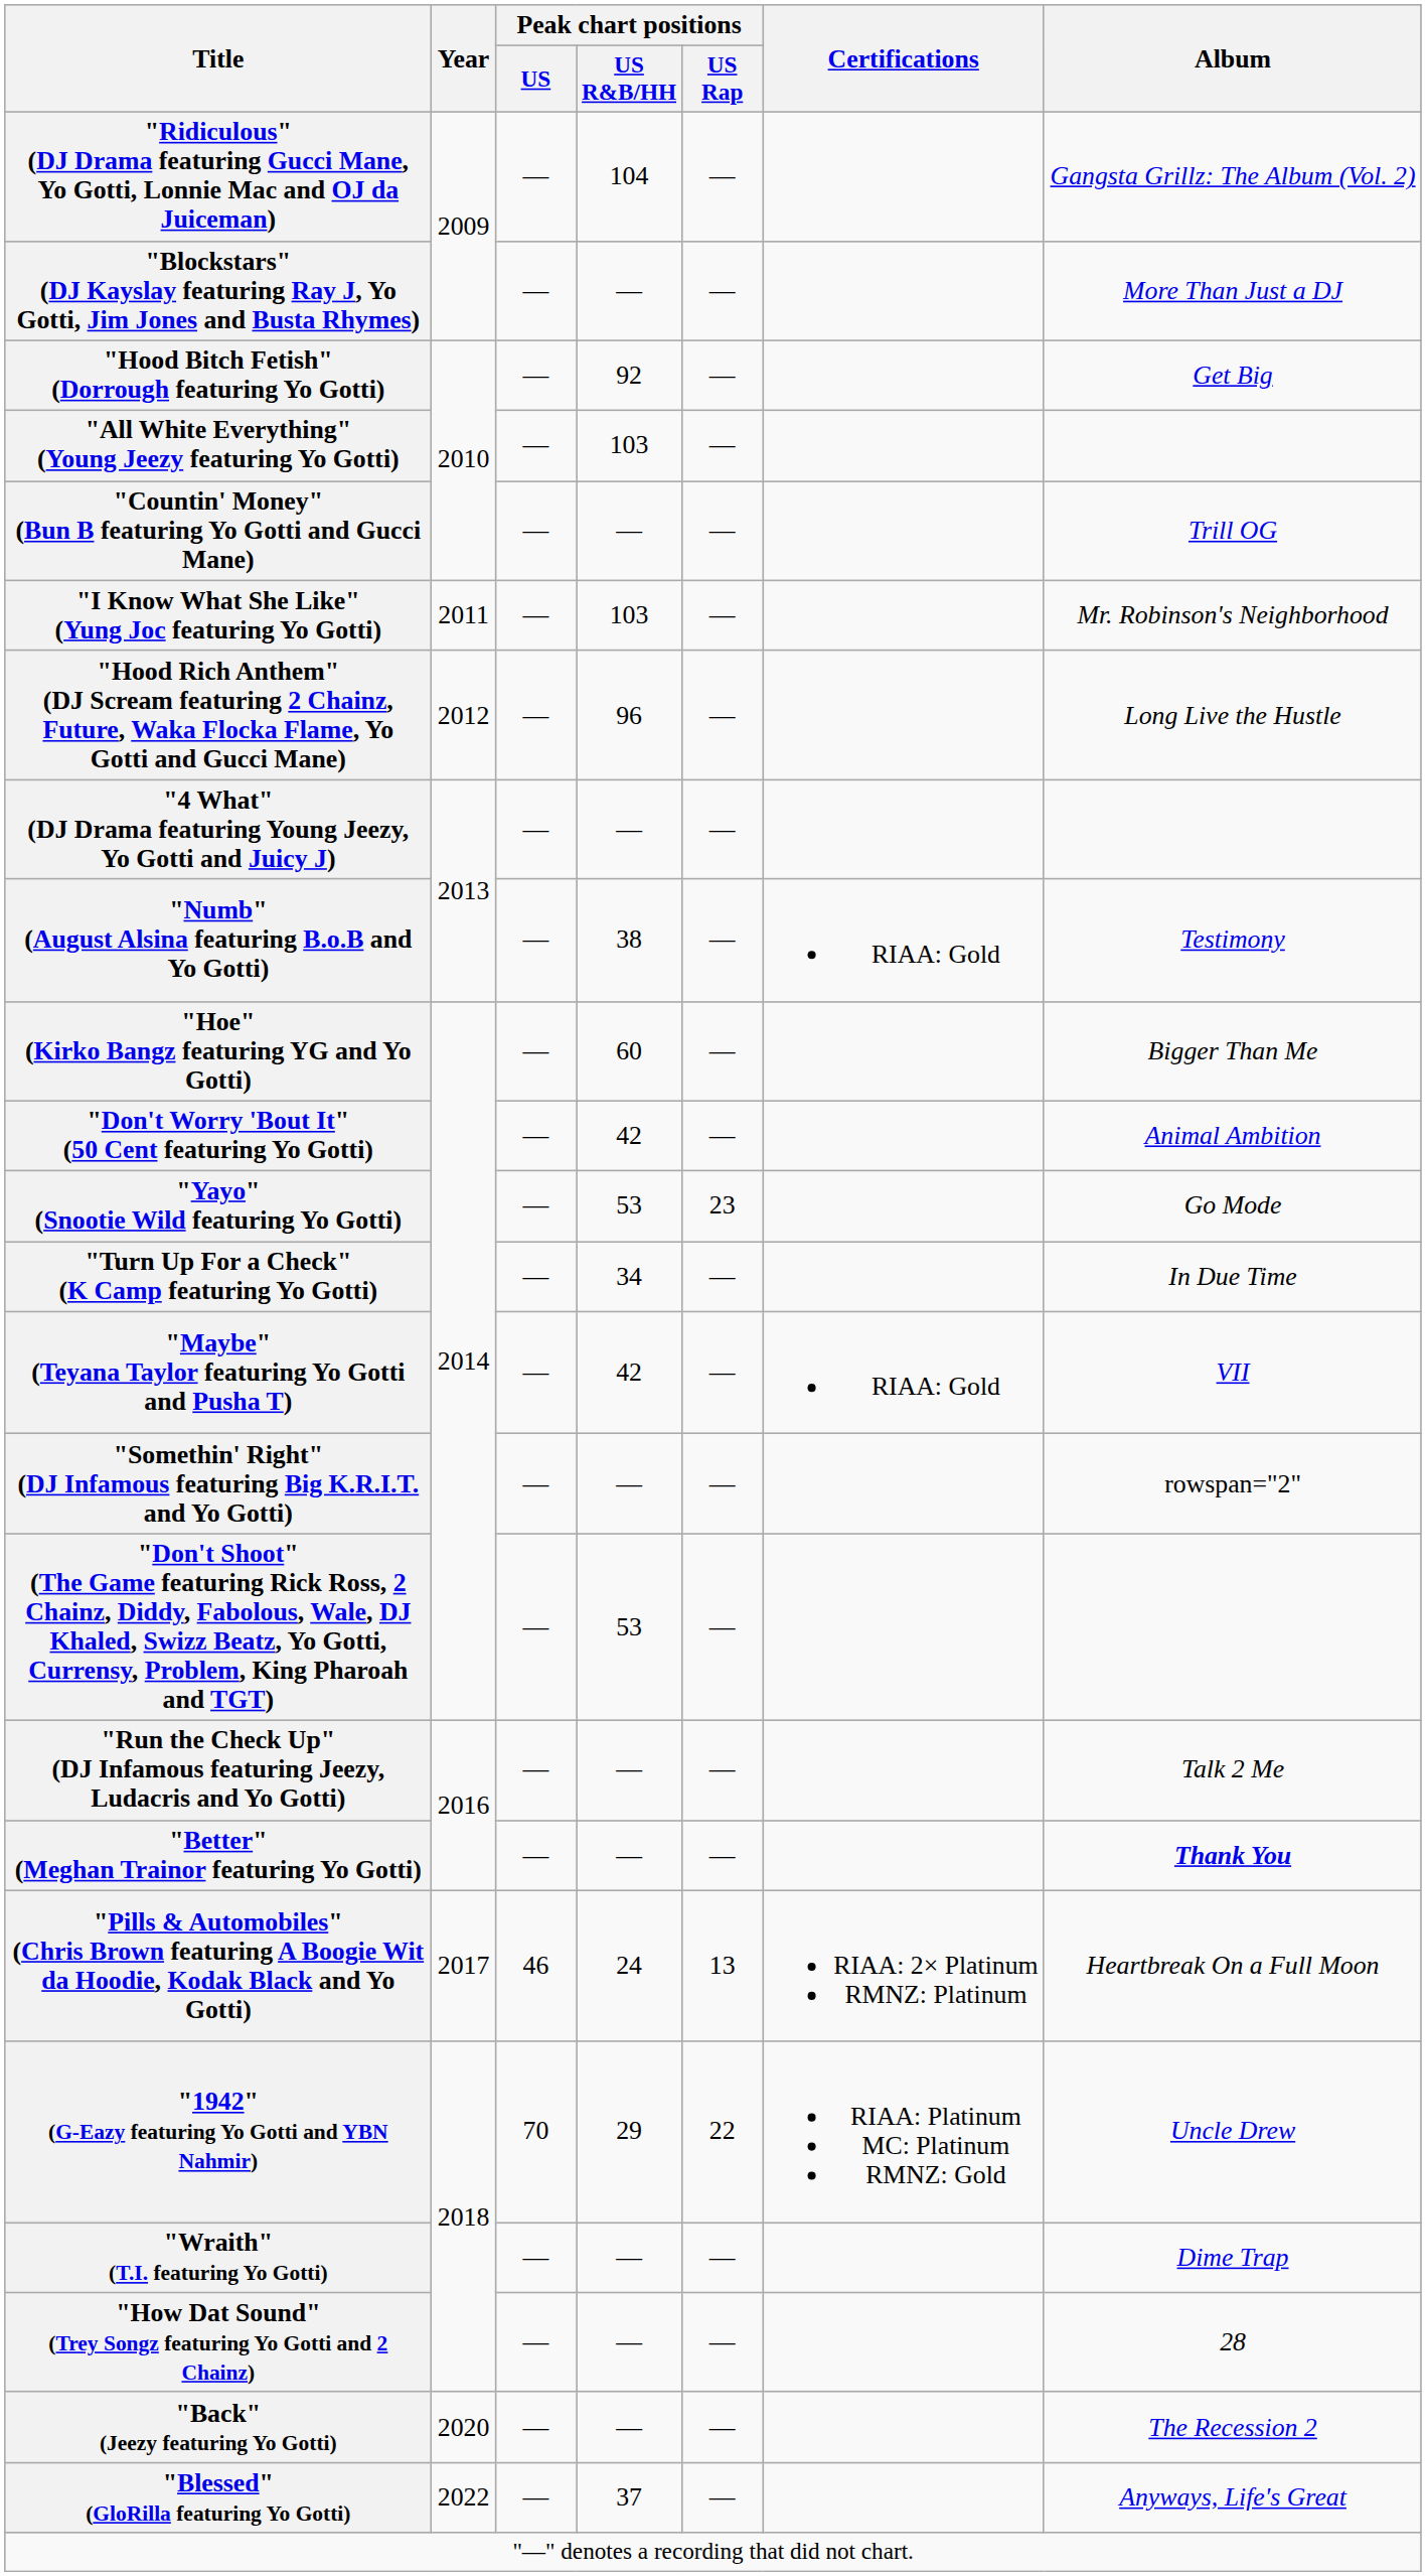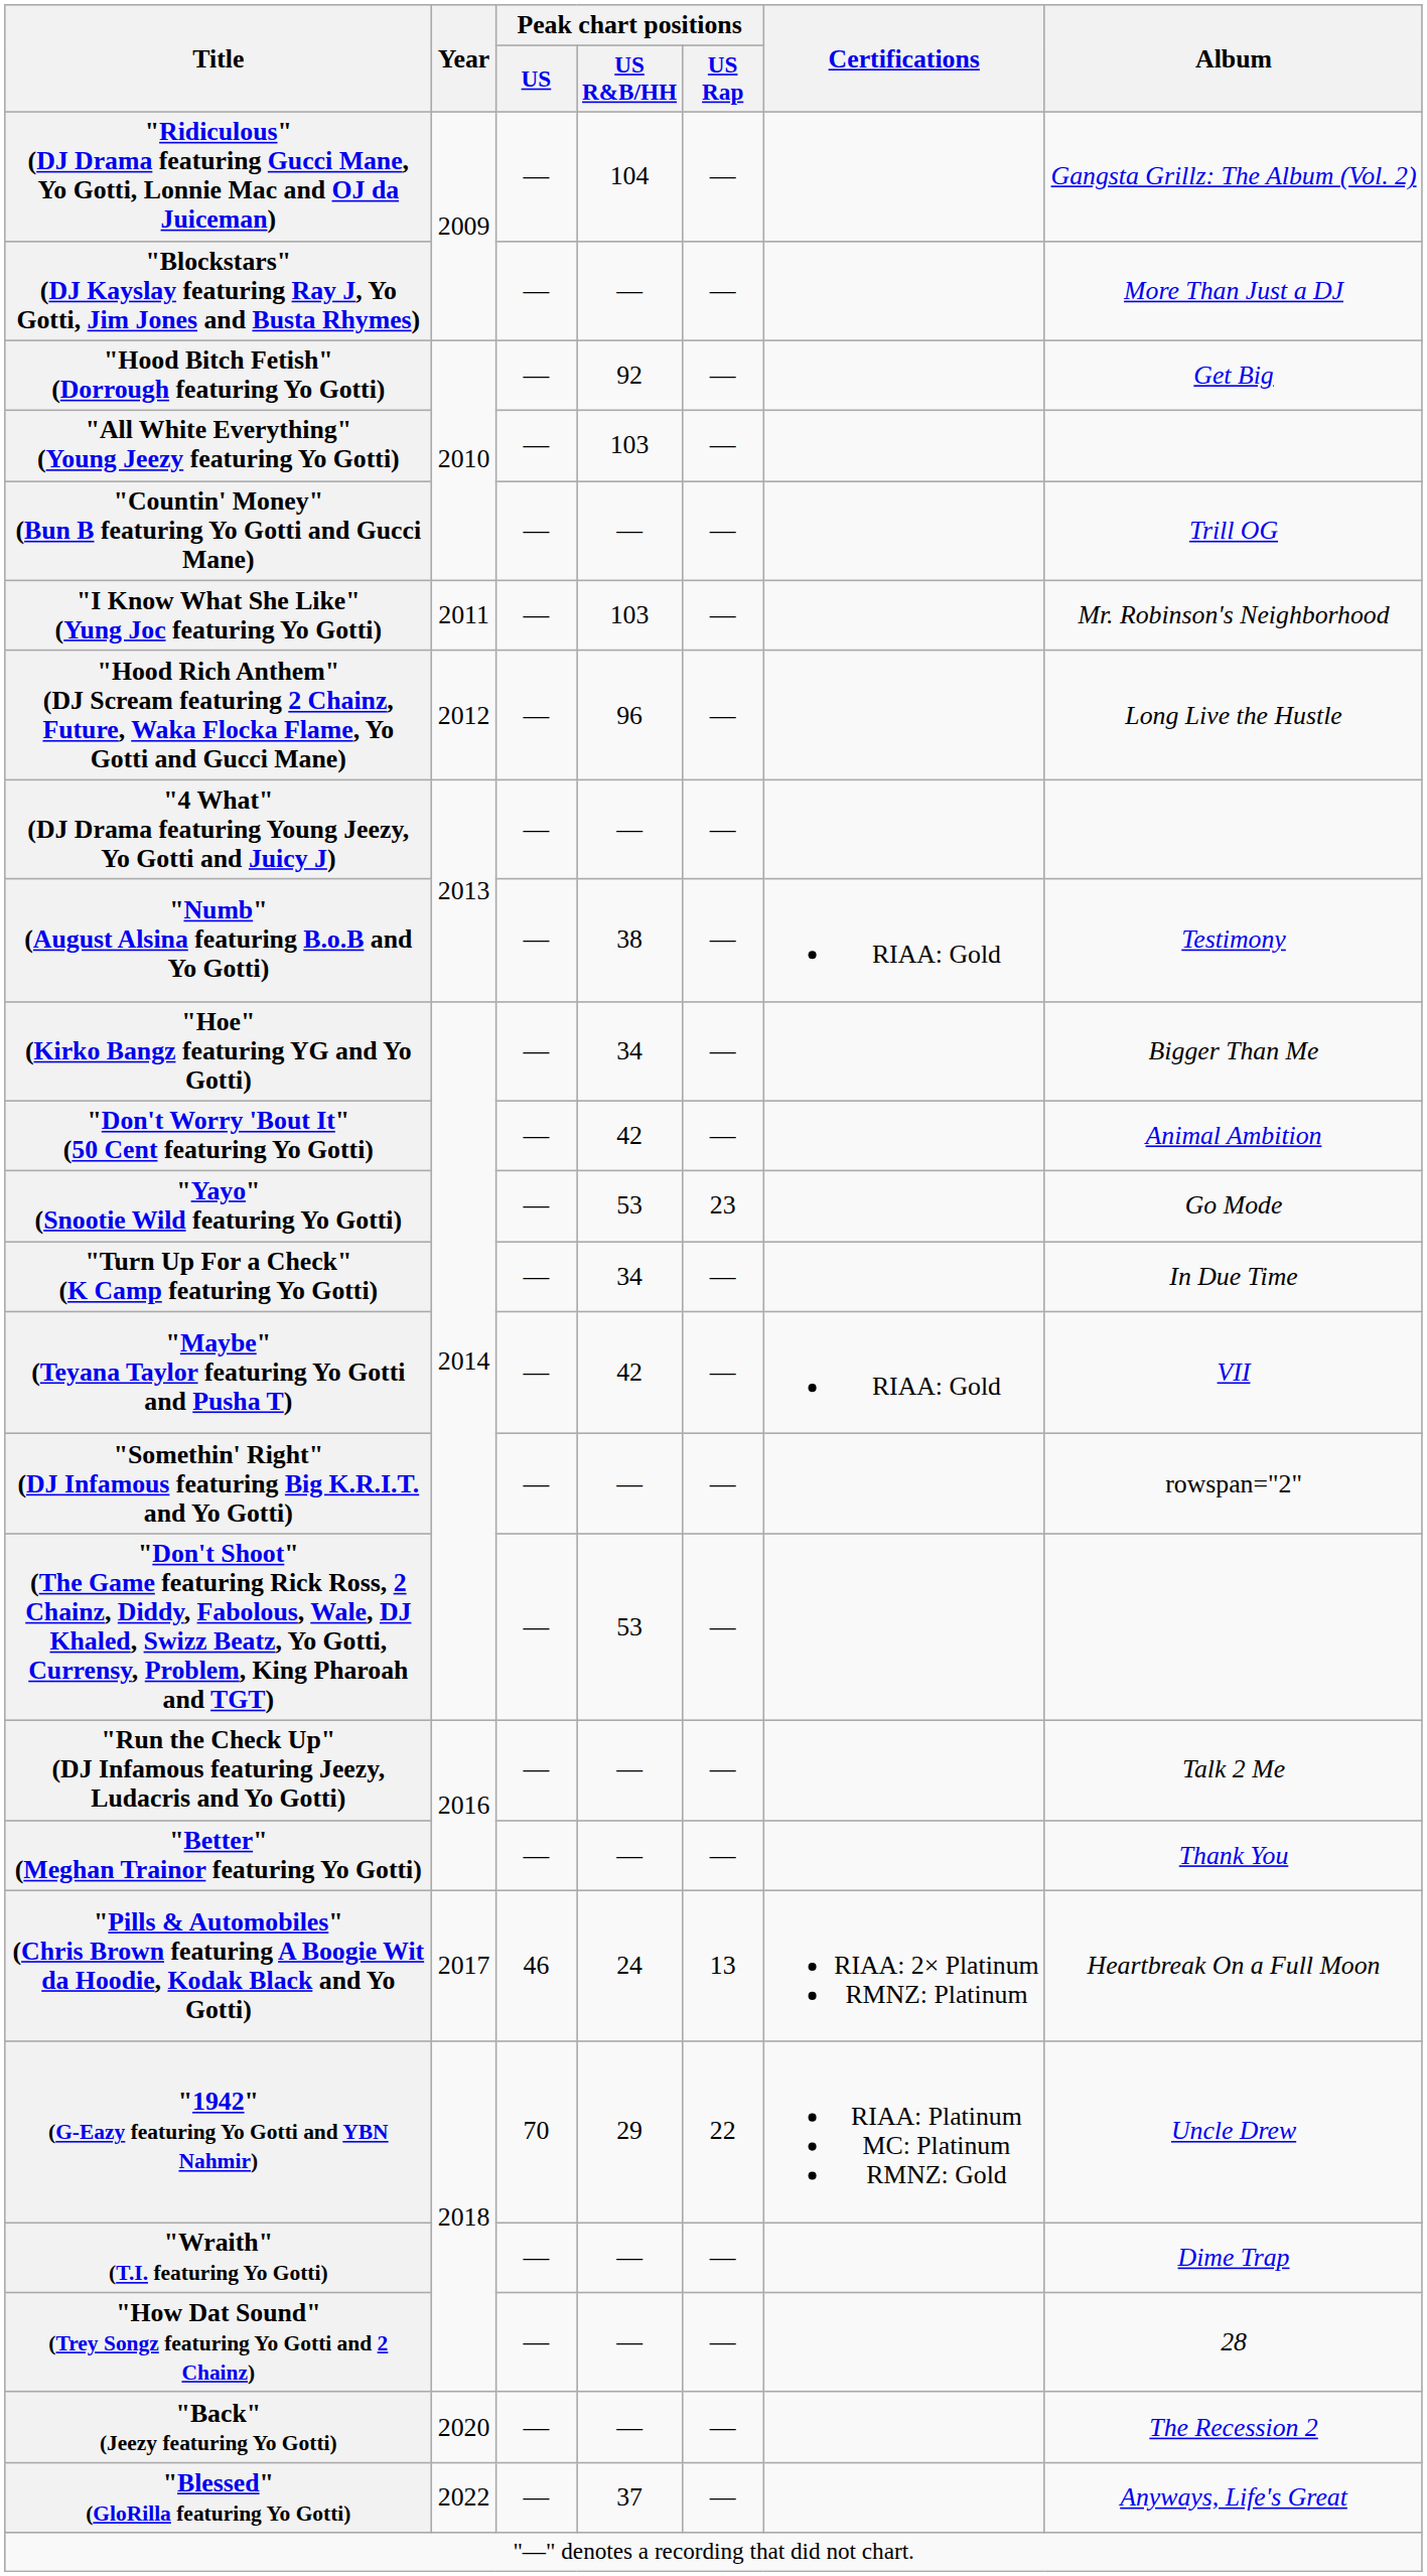 <table class="wikitable plainrowheaders" style="text-align:center;">
 <tr>
 <th scope="col" rowspan="2" style="width:16em;">Title</th>
 <th scope="col" rowspan="2">Year</th>
 <th scope="col" colspan="3">Peak chart positions</th>
 <th scope="col" rowspan="2"><a href='#'>Certifications</a></th>
 <th scope="col" rowspan="2">Album</th>
 </tr>
 <tr>
 <th style="width:3em; font-size:90%"><a href='#'>US</a><br></th>
 <th style="width:3em; font-size:90%"><a href='#'>US<br>R&B/HH</a><br></th>
 <th style="width:3em; font-size:90%"><a href='#'>US<br>Rap</a><br></th>
 </tr>
 <tr>
 <th scope="row">"<a href='#'>Ridiculous</a>"<br><span>(<a href='#'>DJ Drama</a> featuring <a href='#'>Gucci Mane</a>, Yo Gotti, Lonnie Mac and <a href='#'>OJ da Juiceman</a>)</span></th>
 <td rowspan="2">2009</td>
 <td>—</td>
 <td>104</td>
 <td>—</td>
 <td></td>
 <td><em><a href='#'>Gangsta Grillz: The Album (Vol. 2)</a></em></td>
 </tr>
 <tr>
 <th scope="row">"Blockstars"<br><span>(<a href='#'>DJ Kayslay</a> featuring <a href='#'>Ray J</a>, Yo Gotti, <a href='#'>Jim Jones</a> and <a href='#'>Busta Rhymes</a>)</span></th>
 <td>—</td>
 <td>—</td>
 <td>—</td>
 <td></td>
 <td><em><a href='#'>More Than Just a DJ</a></em></td>
 </tr>
 <tr>
 <th scope="row">"Hood Bitch Fetish"<br><span>(<a href='#'>Dorrough</a> featuring Yo Gotti)</span></th>
 <td rowspan="3">2010</td>
 <td>—</td>
 <td>92</td>
 <td>—</td>
 <td></td>
 <td><em><a href='#'>Get Big</a></em></td>
 </tr>
 <tr>
 <th scope="row">"All White Everything"<br><span>(<a href='#'>Young Jeezy</a> featuring Yo Gotti)</span></th>
 <td>—</td>
 <td>103<br></td>
 <td>—</td>
 <td></td>
 <td></td>
 </tr>
 <tr>
 <th scope="row">"Countin' Money"<br><span>(<a href='#'>Bun B</a> featuring Yo Gotti and Gucci Mane)</span></th>
 <td>—</td>
 <td>—</td>
 <td>—</td>
 <td></td>
 <td><em><a href='#'>Trill OG</a></em></td>
 </tr>
 <tr>
 <th scope="row">"I Know What She Like"<br><span>(<a href='#'>Yung Joc</a> featuring Yo Gotti)</span></th>
 <td>2011</td>
 <td>—</td>
 <td>103<br></td>
 <td>—</td>
 <td></td>
 <td><em>Mr. Robinson's Neighborhood</em></td>
 </tr>
 <tr>
 <th scope="row">"Hood Rich Anthem"<br><span>(DJ Scream featuring <a href='#'>2 Chainz</a>, <a href='#'>Future</a>, <a href='#'>Waka Flocka Flame</a>, Yo Gotti and Gucci Mane)</span></th>
 <td>2012</td>
 <td>—</td>
 <td>96</td>
 <td>—</td>
 <td></td>
 <td><em>Long Live the Hustle</em></td>
 </tr>
 <tr>
 <th scope="row">"4 What"<br><span>(DJ Drama featuring Young Jeezy, Yo Gotti and <a href='#'>Juicy J</a>)</span></th>
 <td rowspan="2">2013</td>
 <td>—</td>
 <td>—</td>
 <td>—</td>
 <td></td>
 <td></td>
 </tr>
 <tr>
 <th scope="row">"<a href='#'>Numb</a>"<br><span>(<a href='#'>August Alsina</a> featuring <a href='#'>B.o.B</a> and Yo Gotti)</span></th>
 <td>—</td>
 <td>38</td>
 <td>—</td>
 <td><br><ul><li>RIAA: Gold</li></ul></td>
 <td><em><a href='#'>Testimony</a></em></td>
 </tr>
 <tr>
 <th scope="row">"Hoe"<br><span>(<a href='#'>Kirko Bangz</a> featuring YG and Yo Gotti)</span></th>
 <td rowspan="7">2014</td>
 <td>—</td>
-<td>60</td>
+<td>34</td>
 <td>—</td>
 <td></td>
 <td><em>Bigger Than Me</em></td>
 </tr>
 <tr>
 <th scope="row">"<a href='#'>Don't Worry 'Bout It</a>"<br><span>(<a href='#'>50 Cent</a> featuring Yo Gotti)</span></th>
 <td>—</td>
 <td>42</td>
 <td>—</td>
 <td></td>
 <td><em><a href='#'>Animal Ambition</a></em></td>
 </tr>
 <tr>
 <th scope="row">"<a href='#'>Yayo</a>"<br><span>(<a href='#'>Snootie Wild</a> featuring Yo Gotti)</span></th>
 <td>—</td>
 <td>53</td>
 <td>23</td>
 <td></td>
 <td><em>Go Mode</em></td>
 </tr>
 <tr>
 <th scope="row">"Turn Up For a Check" <br><span>(<a href='#'>K Camp</a> featuring Yo Gotti)</span></th>
 <td>—</td>
 <td>34</td>
 <td>—</td>
 <td></td>
 <td><em>In Due Time</em></td>
 </tr>
 <tr>
 <th scope="row">"<a href='#'>Maybe</a>"<br><span>(<a href='#'>Teyana Taylor</a> featuring Yo Gotti and <a href='#'>Pusha T</a>)</span></th>
 <td>—</td>
 <td>42</td>
 <td>—</td>
 <td><br><ul><li>RIAA: Gold</li></ul></td>
 <td><em><a href='#'>VII</a></em></td>
 </tr>
 <tr>
 <th scope="row">"Somethin' Right"<br><span>(<a href='#'>DJ Infamous</a> featuring <a href='#'>Big K.R.I.T.</a> and Yo Gotti)</span></th>
 <td>—</td>
 <td>—</td>
 <td>—</td>
 <td></td>
 <td>rowspan="2" </td>
 </tr>
 <tr>
 <th scope="row">"<a href='#'>Don't Shoot</a>"<br><span>(<a href='#'>The Game</a> featuring Rick Ross, <a href='#'>2 Chainz</a>, <a href='#'>Diddy</a>, <a href='#'>Fabolous</a>, <a href='#'>Wale</a>, <a href='#'>DJ Khaled</a>, <a href='#'>Swizz Beatz</a>, Yo Gotti, <a href='#'>Currensy</a>, <a href='#'>Problem</a>, King Pharoah and <a href='#'>TGT</a>)</span></th>
 <td>—</td>
 <td>53</td>
 <td>—</td>
 <td></td>
 </tr>
 <tr>
 <th scope="row">"Run the Check Up"<br><span>(DJ Infamous featuring Jeezy, Ludacris and Yo Gotti)</span></th>
 <td rowspan="2">2016</td>
 <td>—</td>
 <td>—</td>
 <td>—</td>
 <td></td>
 <td><em>Talk 2 Me</em></td>
 </tr>
 <tr>
 <th scope="row">"<a href='#'>Better</a>"<br><span>(<a href='#'>Meghan Trainor</a> featuring Yo Gotti)</span></th>
 <td>—</td>
 <td>—</td>
 <td>—</td>
 <td></td>
-<td><strong><em><a href='#'>Thank You</a></em></strong></td>
+<td><em><a href='#'>Thank You</a></em></td>
 </tr>
 <tr>
 <th scope="row">"<a href='#'>Pills & Automobiles</a>"<br><span>(<a href='#'>Chris Brown</a> featuring <a href='#'>A Boogie Wit da Hoodie</a>, <a href='#'>Kodak Black</a> and Yo Gotti)</span></th>
 <td>2017</td>
 <td>46</td>
 <td>24</td>
 <td>13</td>
 <td><br><ul><li>RIAA: 2× Platinum</li><li>RMNZ: Platinum</li></ul></td>
 <td><em>Heartbreak On a Full Moon</em></td>
 </tr>
 <tr>
 <th scope="row">"<a href='#'>1942</a>"<br><small>(<a href='#'>G-Eazy</a> featuring Yo Gotti and <a href='#'>YBN Nahmir</a>)</small></th>
 <td rowspan="3">2018</td>
 <td>70</td>
 <td>29</td>
 <td>22</td>
 <td><br><ul><li>RIAA: Platinum</li><li>MC: Platinum</li><li>RMNZ: Gold</li></ul></td>
 <td><em><a href='#'>Uncle Drew</a></em></td>
 </tr>
 <tr>
 <th scope="row">"Wraith"<br><small>(<a href='#'>T.I.</a> featuring Yo Gotti)</small></th>
 <td>—</td>
 <td>—</td>
 <td>—</td>
 <td></td>
 <td><em><a href='#'>Dime Trap</a></em></td>
 </tr>
 <tr>
 <th scope="row">"How Dat Sound"<br><small>(<a href='#'>Trey Songz</a> featuring Yo Gotti and <a href='#'>2 Chainz</a>)</small></th>
 <td>—</td>
 <td>—</td>
 <td>—</td>
 <td></td>
 <td><em>28</em></td>
 </tr>
 <tr>
 <th scope="row">"Back"<br><small>(Jeezy featuring Yo Gotti)</small></th>
 <td>2020</td>
 <td>—</td>
 <td>—</td>
 <td>—</td>
 <td></td>
 <td><em><a href='#'>The Recession 2</a></em></td>
 </tr>
 <tr>
 <th scope="row">"<a href='#'>Blessed</a>"<br><small>(<a href='#'>GloRilla</a> featuring Yo Gotti)</small></th>
 <td>2022</td>
 <td>—</td>
 <td>37</td>
 <td>—</td>
 <td></td>
 <td><em><a href='#'>Anyways, Life's Great</a></em></td>
 </tr>
 <tr>
 <td colspan="7" style="font-size:90%">"—" denotes a recording that did not chart.</td>
 </tr>
 </table>
